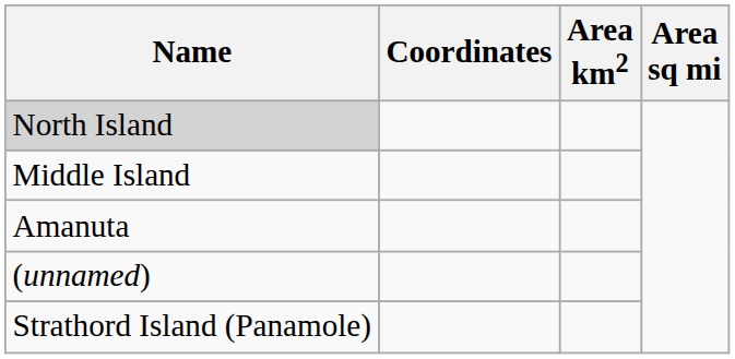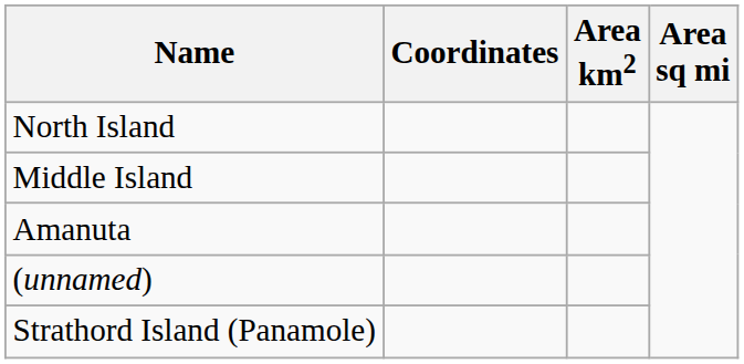 <table class="wikitable sortable">
 <tr>
 <th>Name</th>
 <th>Coordinates</th>
 <th>Area<br>km<sup>2</sup></th>
 <th>Area<br>sq mi</th>
 </tr>
 <tr>
-<td style="background: lightgrey;">North Island</td>
+<td>North Island</td>
 <td align="left"></td>
 <td></td>
 </tr>
 <tr>
 <td>Middle Island</td>
 <td align="left"></td>
 <td></td>
 </tr>
 <tr>
 <td>Amanuta</td>
 <td align="left"></td>
 <td></td>
 </tr>
 <tr>
 <td>(<em>unnamed</em>)</td>
 <td align="left"></td>
 <td></td>
 </tr>
 <tr>
 <td>Strathord Island (Panamole)</td>
 <td align="left"></td>
 <td></td>
 </tr>
 </table>
